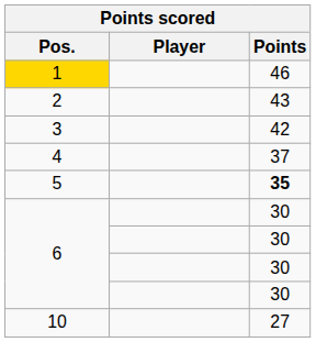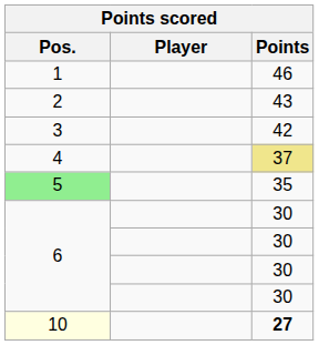 <table class="wikitable" style="text-align:center">
 <tr bgcolor="#efefef">
 <th colspan=4 style="border-right:0px;";>Points scored<br></th>
 </tr>
 <tr bgcolor="#efefef">
 <th>Pos.</th>
 <th>Player</th>
 <th width=20%>Points</th>
 </tr>
 <tr>
-<td style="background: gold;">1</td>
+<td>1</td>
 <td align=left></td>
 <td>46</td>
 </tr>
 <tr>
 <td>2</td>
 <td align=left></td>
 <td>43</td>
 </tr>
 <tr>
 <td>3</td>
 <td align=left></td>
 <td>42</td>
 </tr>
 <tr>
 <td>4</td>
 <td align=left></td>
-<td>37</td>
+<td style="background: khaki;">37</td>
 </tr>
 <tr>
-<td>5</td>
+<td style="background: lightgreen;">5</td>
 <td align=left></td>
-<td><strong>35</strong></td>
+<td>35</td>
 </tr>
 <tr>
 <td rowspan =4>6</td>
 <td align=left></td>
 <td>30</td>
 </tr>
 <tr>
 <td align=left></td>
 <td>30</td>
 </tr>
 <tr>
 <td align=left></td>
 <td>30</td>
 </tr>
 <tr>
 <td align=left></td>
 <td>30</td>
 </tr>
 <tr>
-<td>10</td>
+<td style="background: lightyellow;">10</td>
 <td align=left></td>
-<td>27</td>
+<td><strong>27</strong></td>
 </tr>
 </table>
